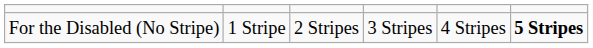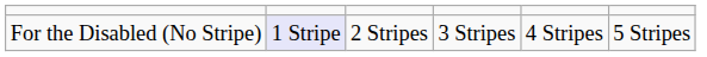 <table class="wikitable">
 <tr>
 <td></td>
 <td></td>
 <td></td>
 <td></td>
 <td></td>
 <td></td>
 </tr>
 <tr>
 <td>For the Disabled (No Stripe)</td>
-<td>1 Stripe</td>
+<td style="background: lavender;">1 Stripe</td>
 <td>2 Stripes</td>
 <td>3 Stripes</td>
 <td>4 Stripes</td>
-<td><strong>5 Stripes</strong></td>
+<td>5 Stripes</td>
 </tr>
 </table>
